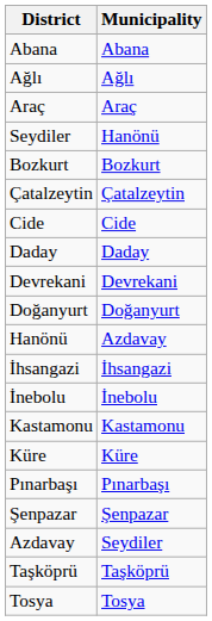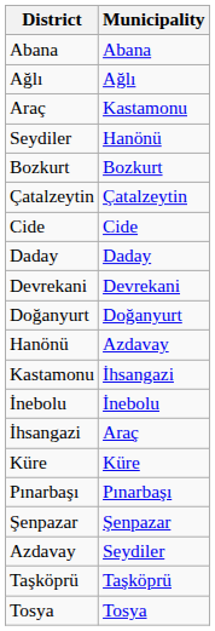 <table class="sortable wikitable">
 <tr>
 <th>District</th>
 <th>Municipality</th>
 </tr>
 <tr>
 <td>Abana</td>
 <td><a href='#'>Abana</a></td>
 </tr>
 <tr>
 <td>Ağlı</td>
 <td><a href='#'>Ağlı</a></td>
 </tr>
 <tr>
 <td>Araç</td>
-<td><a href='#'>Araç</a></td>
+<td><a href='#'>Kastamonu</a></td>
 </tr>
 <tr>
 <td>Seydiler</td>
 <td><a href='#'>Hanönü</a></td>
 </tr>
 <tr>
 <td>Bozkurt</td>
 <td><a href='#'>Bozkurt</a></td>
 </tr>
 <tr>
 <td>Çatalzeytin</td>
 <td><a href='#'>Çatalzeytin</a></td>
 </tr>
 <tr>
 <td>Cide</td>
 <td><a href='#'>Cide</a></td>
 </tr>
 <tr>
 <td>Daday</td>
 <td><a href='#'>Daday</a></td>
 </tr>
 <tr>
 <td>Devrekani</td>
 <td><a href='#'>Devrekani</a></td>
 </tr>
 <tr>
 <td>Doğanyurt</td>
 <td><a href='#'>Doğanyurt</a></td>
 </tr>
 <tr>
 <td>Hanönü</td>
 <td><a href='#'>Azdavay</a></td>
 </tr>
 <tr>
-<td>İhsangazi</td>
+<td>Kastamonu</td>
 <td><a href='#'>İhsangazi</a></td>
 </tr>
 <tr>
 <td>İnebolu</td>
 <td><a href='#'>İnebolu</a></td>
 </tr>
 <tr>
-<td>Kastamonu</td>
-<td><a href='#'>Kastamonu</a></td>
+<td>İhsangazi</td>
+<td><a href='#'>Araç</a></td>
 </tr>
 <tr>
 <td>Küre</td>
 <td><a href='#'>Küre</a></td>
 </tr>
 <tr>
 <td>Pınarbaşı</td>
 <td><a href='#'>Pınarbaşı</a></td>
 </tr>
 <tr>
 <td>Şenpazar</td>
 <td><a href='#'>Şenpazar</a></td>
 </tr>
 <tr>
 <td>Azdavay</td>
 <td><a href='#'>Seydiler</a></td>
 </tr>
 <tr>
 <td>Taşköprü</td>
 <td><a href='#'>Taşköprü</a></td>
 </tr>
 <tr>
 <td>Tosya</td>
 <td><a href='#'>Tosya</a></td>
 </tr>
 </table>
